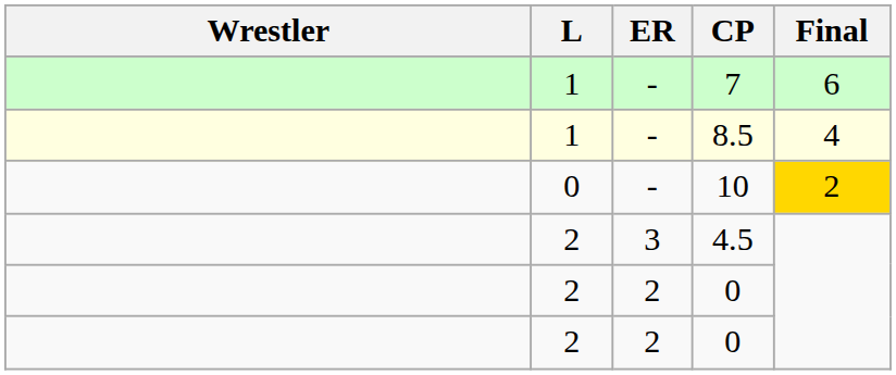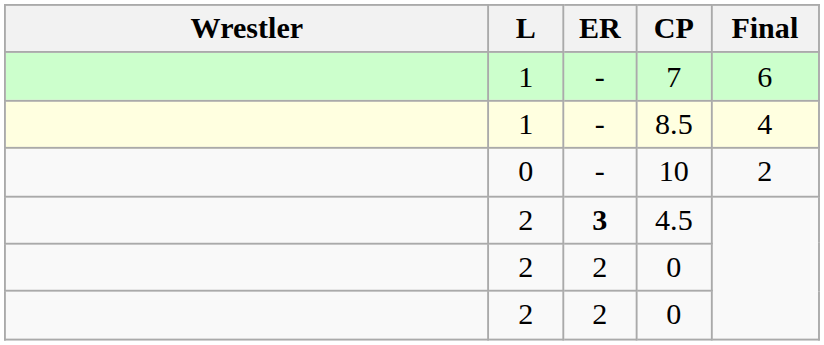 <table class="wikitable" style="text-align: center;" |>
 <tr>
 <th width="250">Wrestler</th>
 <th width="32">L</th>
 <th width="32">ER</th>
 <th width="32">CP</th>
 <th width="50">Final</th>
 </tr>
 <tr bgcolor="ccffcc">
 <td style="text-align:left;"></td>
 <td>1</td>
 <td>-</td>
 <td>7</td>
 <td>6</td>
 </tr>
 <tr bgcolor="lightyellow">
 <td style="text-align:left;"></td>
 <td>1</td>
 <td>-</td>
 <td>8.5</td>
 <td>4</td>
 </tr>
 <tr>
 <td style="text-align:left;"></td>
 <td>0</td>
 <td>-</td>
 <td>10</td>
-<td style="background: gold;">2</td>
+<td>2</td>
 </tr>
 <tr>
 <td style="text-align:left;"></td>
 <td>2</td>
-<td>3</td>
+<td><strong>3</strong></td>
 <td>4.5</td>
 </tr>
 <tr>
 <td style="text-align:left;"></td>
 <td>2</td>
 <td>2</td>
 <td>0</td>
 </tr>
 <tr>
 <td style="text-align:left;"></td>
 <td>2</td>
 <td>2</td>
 <td>0</td>
 </tr>
 </table>
